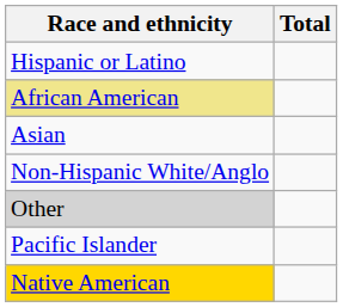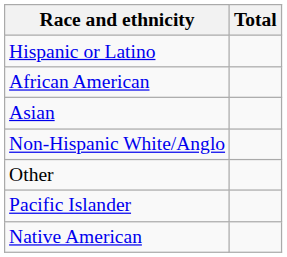 <table class="wikitable floatright sortable collapsible"; text-align:right; font-size:80%;">
 <tr>
 <th>Race and ethnicity</th>
 <th colspan="2" data-sort-type=number>Total</th>
 </tr>
 <tr>
 <td><a href='#'>Hispanic or Latino</a></td>
 <td align=right></td>
 </tr>
 <tr>
-<td style="background: khaki;"><a href='#'>African American</a></td>
+<td><a href='#'>African American</a></td>
 <td align=right></td>
 </tr>
 <tr>
 <td><a href='#'>Asian</a></td>
 <td align=right></td>
 </tr>
 <tr>
 <td><a href='#'>Non-Hispanic White/Anglo</a></td>
 <td align=right></td>
 </tr>
 <tr>
-<td style="background: lightgrey;">Other</td>
+<td>Other</td>
 <td align=right></td>
 </tr>
 <tr>
 <td><a href='#'>Pacific Islander</a></td>
 <td align=right></td>
 </tr>
 <tr>
-<td style="background: gold;"><a href='#'>Native American</a></td>
+<td><a href='#'>Native American</a></td>
 <td align=right></td>
 </tr>
 </table>
